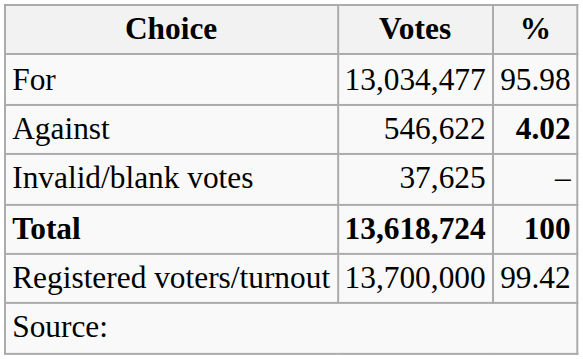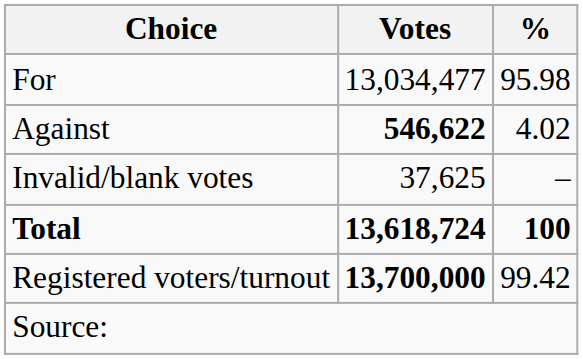 <table class=wikitable style=text-align:right>
 <tr>
 <th>Choice</th>
 <th>Votes</th>
 <th>%</th>
 </tr>
 <tr>
 <td align=left>For</td>
 <td>13,034,477</td>
 <td>95.98</td>
 </tr>
 <tr>
 <td align=left>Against</td>
-<td>546,622</td>
-<td><strong>4.02</strong></td>
+<td><strong>546,622</strong></td>
+<td>4.02</td>
 </tr>
 <tr>
 <td align=left>Invalid/blank votes</td>
 <td>37,625</td>
 <td>–</td>
 </tr>
 <tr>
 <td align=left><strong>Total</strong></td>
 <td><strong>13,618,724</strong></td>
 <td><strong>100</strong></td>
 </tr>
 <tr>
 <td align=left>Registered voters/turnout</td>
-<td>13,700,000</td>
+<td><strong>13,700,000</strong></td>
 <td>99.42</td>
 </tr>
 <tr>
 <td align=left colspan=4>Source: </td>
 </tr>
 </table>
